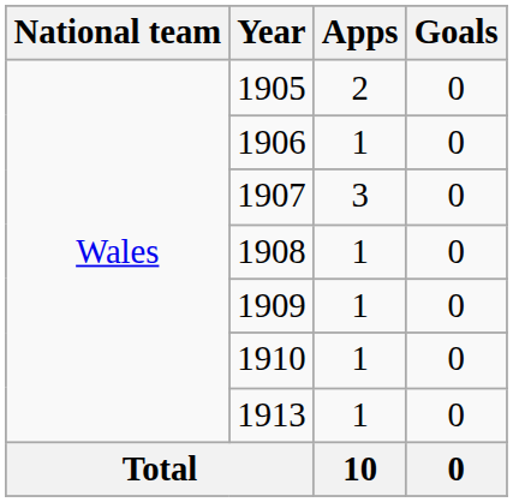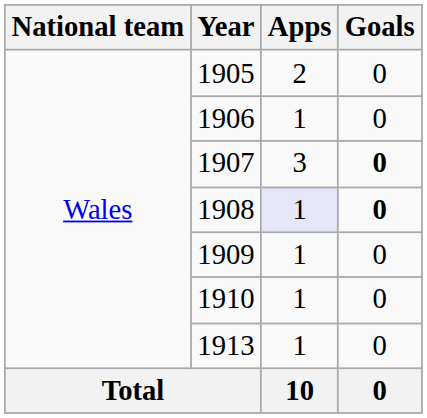 <table class=wikitable style="text-align: center">
 <tr>
 <th>National team</th>
 <th>Year</th>
 <th>Apps</th>
 <th>Goals</th>
 </tr>
 <tr>
 <td rowspan=7><a href='#'>Wales</a></td>
 <td>1905</td>
 <td>2</td>
 <td>0</td>
 </tr>
 <tr>
 <td>1906</td>
 <td>1</td>
 <td>0</td>
 </tr>
 <tr>
 <td>1907</td>
 <td>3</td>
-<td>0</td>
+<td><strong>0</strong></td>
 </tr>
 <tr>
 <td>1908</td>
-<td>1</td>
-<td>0</td>
+<td style="background: lavender;">1</td>
+<td><strong>0</strong></td>
 </tr>
 <tr>
 <td>1909</td>
 <td>1</td>
 <td>0</td>
 </tr>
 <tr>
 <td>1910</td>
 <td>1</td>
 <td>0</td>
 </tr>
 <tr>
 <td>1913</td>
 <td>1</td>
 <td>0</td>
 </tr>
 <tr>
 <th colspan=2>Total</th>
 <th>10</th>
 <th>0</th>
 </tr>
 </table>
